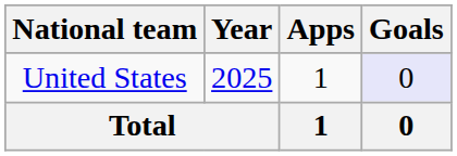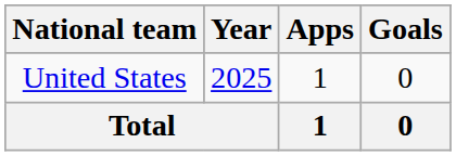 <table class="wikitable" style="text-align:center">
 <tr>
 <th>National team</th>
 <th>Year</th>
 <th>Apps</th>
 <th>Goals</th>
 </tr>
 <tr>
 <td rowspan=1><a href='#'>United States</a></td>
 <td><a href='#'>2025</a></td>
 <td>1</td>
-<td style="background: lavender;">0</td>
+<td>0</td>
 </tr>
 <tr>
 <th colspan=2>Total</th>
 <th>1</th>
 <th>0</th>
 </tr>
 </table>
